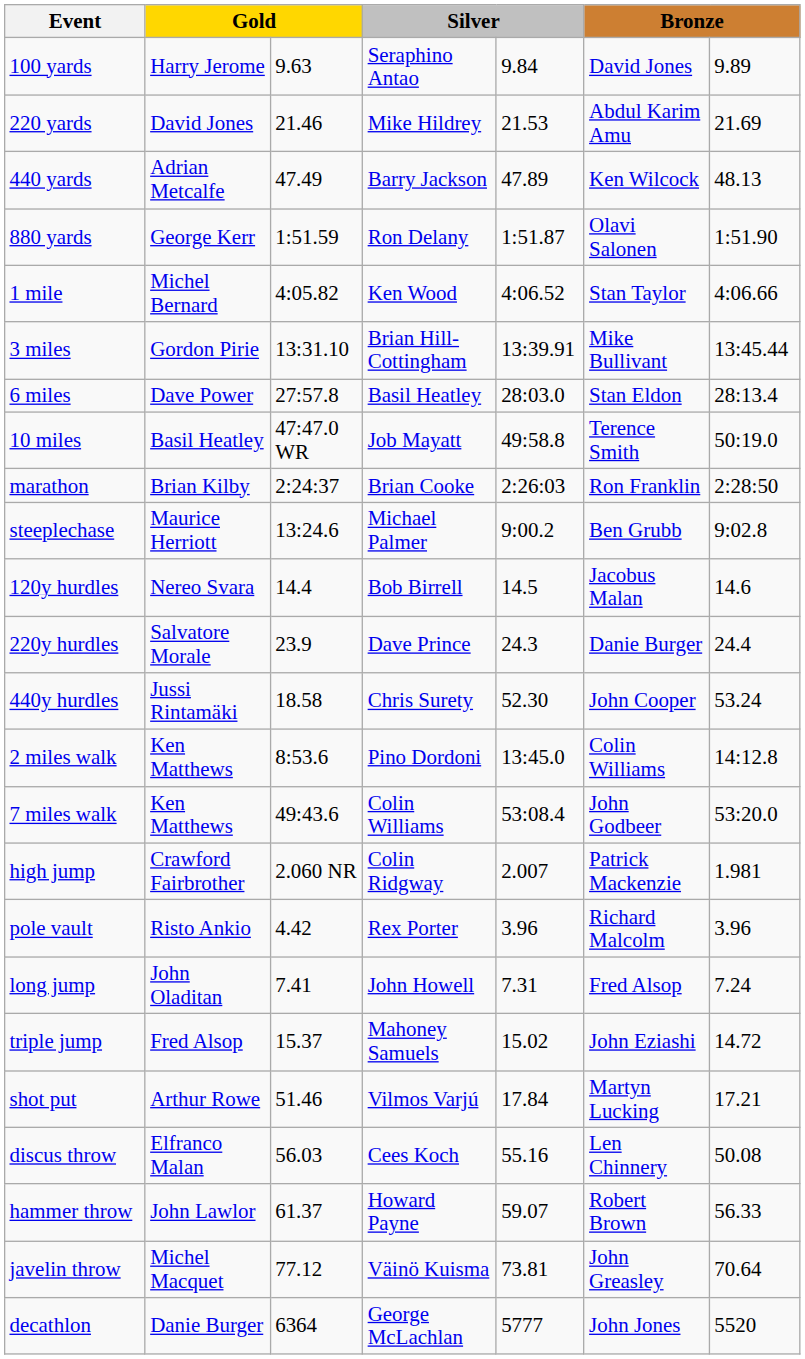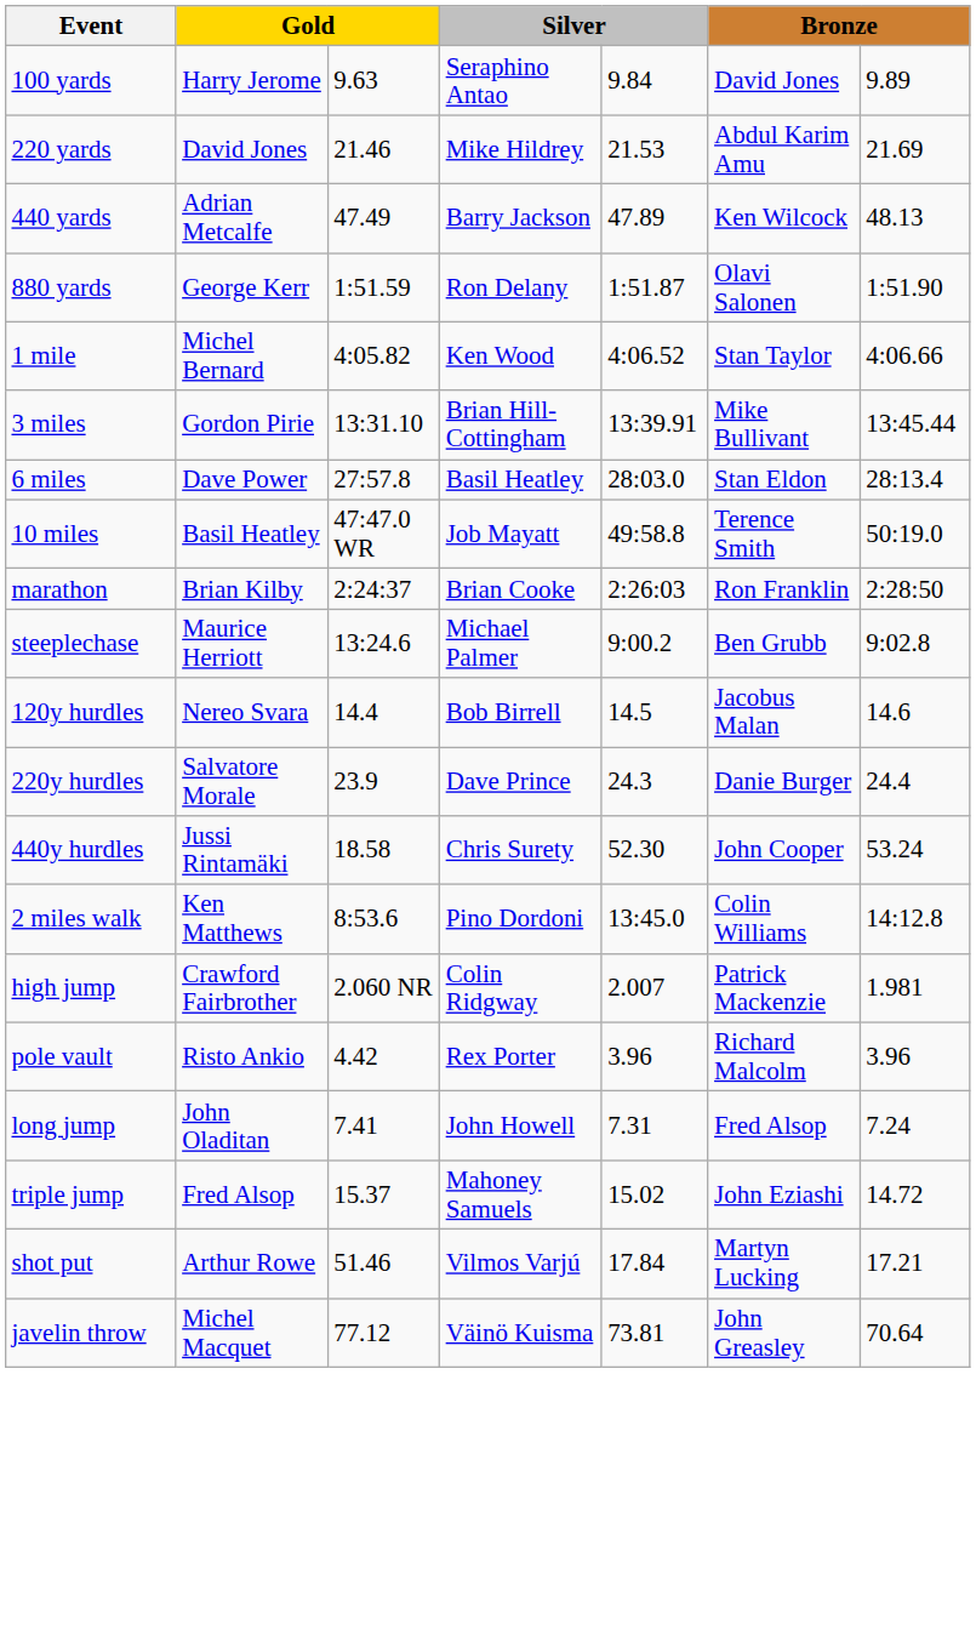 <table class="wikitable" style="text-align:left">
 <tr>
 <th width=100>Event</th>
 <th colspan="2" width="280" style="background:gold;">Gold</th>
 <th colspan="2" width="280" style="background:silver;">Silver</th>
 <th colspan="2" width="280" style="background:#CD7F32;">Bronze</th>
 </tr>
 <tr>
 <td><a href='#'>100 yards</a></td>
 <td> <a href='#'>Harry Jerome</a></td>
 <td>9.63</td>
 <td> <a href='#'>Seraphino Antao</a></td>
 <td>9.84</td>
 <td><a href='#'>David Jones</a></td>
 <td>9.89</td>
 </tr>
 <tr>
 <td><a href='#'>220 yards</a></td>
 <td><a href='#'>David Jones</a></td>
 <td>21.46</td>
 <td> <a href='#'>Mike Hildrey</a></td>
 <td>21.53</td>
 <td> <a href='#'>Abdul Karim Amu</a></td>
 <td>21.69</td>
 </tr>
 <tr>
 <td><a href='#'>440 yards</a></td>
 <td><a href='#'>Adrian Metcalfe</a></td>
 <td>47.49</td>
 <td><a href='#'>Barry Jackson</a></td>
 <td>47.89</td>
 <td><a href='#'>Ken Wilcock</a></td>
 <td>48.13</td>
 </tr>
 <tr>
 <td><a href='#'>880 yards</a></td>
 <td> <a href='#'>George Kerr</a></td>
 <td>1:51.59</td>
 <td> <a href='#'>Ron Delany</a></td>
 <td>1:51.87</td>
 <td> <a href='#'>Olavi Salonen</a></td>
 <td>1:51.90</td>
 </tr>
 <tr>
 <td><a href='#'>1 mile</a></td>
 <td> <a href='#'>Michel Bernard</a></td>
 <td>4:05.82</td>
 <td><a href='#'>Ken Wood</a></td>
 <td>4:06.52</td>
 <td><a href='#'>Stan Taylor</a></td>
 <td>4:06.66</td>
 </tr>
 <tr>
 <td><a href='#'>3 miles</a></td>
 <td><a href='#'>Gordon Pirie</a></td>
 <td>13:31.10</td>
 <td><a href='#'>Brian Hill-Cottingham</a></td>
 <td>13:39.91</td>
 <td><a href='#'>Mike Bullivant</a></td>
 <td>13:45.44</td>
 </tr>
 <tr>
 <td><a href='#'>6 miles</a></td>
 <td> <a href='#'>Dave Power</a></td>
 <td>27:57.8</td>
 <td><a href='#'>Basil Heatley</a></td>
 <td>28:03.0</td>
 <td><a href='#'>Stan Eldon</a></td>
 <td>28:13.4</td>
 </tr>
 <tr>
 <td><a href='#'>10 miles</a></td>
 <td><a href='#'>Basil Heatley</a></td>
 <td>47:47.0 WR</td>
 <td><a href='#'>Job Mayatt</a></td>
 <td>49:58.8</td>
 <td><a href='#'>Terence Smith</a></td>
 <td>50:19.0</td>
 </tr>
 <tr>
 <td><a href='#'>marathon</a></td>
 <td><a href='#'>Brian Kilby</a></td>
 <td>2:24:37</td>
 <td><a href='#'>Brian Cooke</a></td>
 <td>2:26:03</td>
 <td><a href='#'>Ron Franklin</a></td>
 <td>2:28:50</td>
 </tr>
 <tr>
 <td><a href='#'>steeplechase</a></td>
 <td><a href='#'>Maurice Herriott</a></td>
 <td>13:24.6</td>
 <td><a href='#'>Michael Palmer</a></td>
 <td>9:00.2</td>
 <td><a href='#'>Ben Grubb</a></td>
 <td>9:02.8</td>
 </tr>
 <tr>
 <td><a href='#'>120y hurdles</a></td>
 <td> <a href='#'>Nereo Svara</a></td>
 <td>14.4</td>
 <td><a href='#'>Bob Birrell</a></td>
 <td>14.5</td>
 <td> <a href='#'>Jacobus Malan</a></td>
 <td>14.6</td>
 </tr>
 <tr>
 <td><a href='#'>220y hurdles</a></td>
 <td> <a href='#'>Salvatore Morale</a></td>
 <td>23.9</td>
 <td> <a href='#'>Dave Prince</a></td>
 <td>24.3</td>
 <td> <a href='#'>Danie Burger</a></td>
 <td>24.4</td>
 </tr>
 <tr>
 <td><a href='#'>440y hurdles</a></td>
 <td> <a href='#'>Jussi Rintamäki</a></td>
 <td>18.58</td>
 <td><a href='#'>Chris Surety</a></td>
 <td>52.30</td>
 <td><a href='#'>John Cooper</a></td>
 <td>53.24</td>
 </tr>
 <tr>
 <td><a href='#'>2 miles walk</a></td>
 <td><a href='#'>Ken Matthews</a></td>
 <td>8:53.6</td>
 <td> <a href='#'>Pino Dordoni</a></td>
 <td>13:45.0</td>
 <td><a href='#'>Colin Williams</a></td>
 <td>14:12.8</td>
 </tr>
 <tr>
-<td><a href='#'>7 miles walk</a></td>
-<td><a href='#'>Ken Matthews</a></td>
-<td>49:43.6</td>
-<td><a href='#'>Colin Williams</a></td>
-<td>53:08.4</td>
-<td><a href='#'>John Godbeer</a></td>
-<td>53:20.0</td>
-</tr>
-<tr>
 <td><a href='#'>high jump</a></td>
 <td> <a href='#'>Crawford Fairbrother</a></td>
 <td>2.060 NR</td>
 <td> <a href='#'>Colin Ridgway</a></td>
 <td>2.007</td>
 <td> <a href='#'>Patrick Mackenzie</a></td>
 <td>1.981</td>
 </tr>
 <tr>
 <td><a href='#'>pole vault</a></td>
 <td> <a href='#'>Risto Ankio</a></td>
 <td>4.42</td>
 <td><a href='#'>Rex Porter</a></td>
 <td>3.96</td>
 <td> <a href='#'>Richard Malcolm</a></td>
 <td>3.96</td>
 </tr>
 <tr>
 <td><a href='#'>long jump</a></td>
 <td> <a href='#'>John Oladitan</a></td>
 <td>7.41</td>
 <td><a href='#'>John Howell</a></td>
 <td>7.31</td>
 <td><a href='#'>Fred Alsop</a></td>
 <td>7.24</td>
 </tr>
 <tr>
 <td><a href='#'>triple jump</a></td>
 <td><a href='#'>Fred Alsop</a></td>
 <td>15.37</td>
 <td> <a href='#'>Mahoney Samuels</a></td>
 <td>15.02</td>
 <td> <a href='#'>John Eziashi</a></td>
 <td>14.72</td>
 </tr>
 <tr>
 <td><a href='#'>shot put</a></td>
 <td><a href='#'>Arthur Rowe</a></td>
 <td>51.46</td>
 <td> <a href='#'>Vilmos Varjú</a></td>
 <td>17.84</td>
 <td><a href='#'>Martyn Lucking</a></td>
 <td>17.21</td>
 </tr>
 <tr>
-<td><a href='#'>discus throw</a></td>
-<td> <a href='#'>Elfranco Malan</a></td>
-<td>56.03</td>
-<td> <a href='#'>Cees Koch</a></td>
-<td>55.16</td>
-<td> <a href='#'>Len Chinnery</a></td>
-<td>50.08</td>
-</tr>
-<tr>
-<td><a href='#'>hammer throw</a></td>
-<td> <a href='#'>John Lawlor</a></td>
-<td>61.37</td>
-<td><a href='#'>Howard Payne</a></td>
-<td>59.07</td>
-<td> <a href='#'>Robert Brown</a></td>
-<td>56.33</td>
-</tr>
-<tr>
 <td><a href='#'>javelin throw</a></td>
 <td> <a href='#'>Michel Macquet</a></td>
 <td>77.12</td>
 <td> <a href='#'>Väinö Kuisma</a></td>
 <td>73.81</td>
 <td><a href='#'>John Greasley</a></td>
 <td>70.64</td>
 </tr>
-<tr>
-<td><a href='#'>decathlon</a></td>
-<td> <a href='#'>Danie Burger</a></td>
-<td>6364</td>
-<td> <a href='#'>George McLachlan</a></td>
-<td>5777</td>
-<td> <a href='#'>John Jones</a></td>
-<td>5520</td>
-</tr>
 </table>
